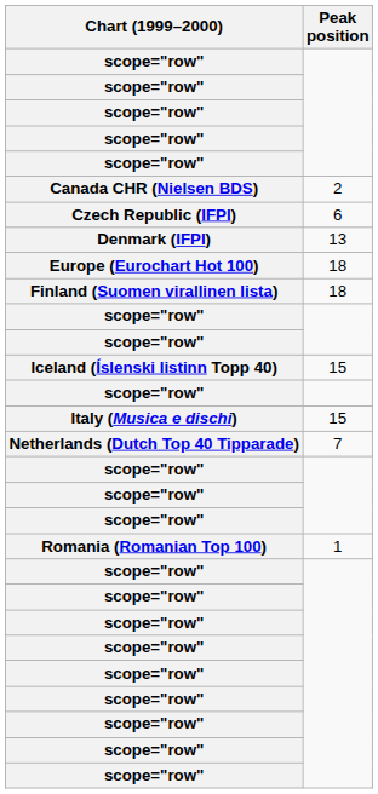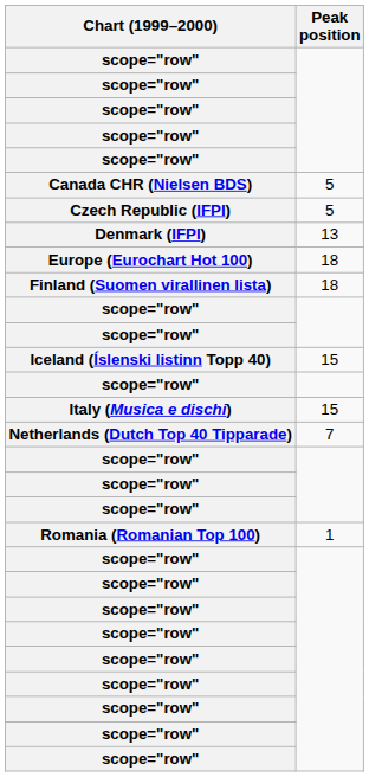 <table class="wikitable sortable plainrowheaders" style="text-align:center">
 <tr>
 <th>Chart (1999–2000)</th>
 <th>Peak<br>position</th>
 </tr>
 <tr>
 <th>scope="row"</th>
 </tr>
 <tr>
 <th>scope="row"</th>
 </tr>
 <tr>
 <th>scope="row"</th>
 </tr>
 <tr>
 <th>scope="row"</th>
 </tr>
 <tr>
 <th>scope="row"</th>
 </tr>
 <tr>
 <th scope="row">Canada CHR (<a href='#'>Nielsen BDS</a>)</th>
-<td>2</td>
+<td>5</td>
 </tr>
 <tr>
 <th scope="row">Czech Republic (<a href='#'>IFPI</a>)</th>
-<td>6</td>
+<td>5</td>
 </tr>
 <tr>
 <th scope="row">Denmark (<a href='#'>IFPI</a>)</th>
 <td>13</td>
 </tr>
 <tr>
 <th scope="row">Europe (<a href='#'>Eurochart Hot 100</a>)</th>
 <td>18</td>
 </tr>
 <tr>
 <th scope="row">Finland (<a href='#'>Suomen virallinen lista</a>)</th>
 <td>18</td>
 </tr>
 <tr>
 <th>scope="row"</th>
 </tr>
 <tr>
 <th>scope="row"</th>
 </tr>
 <tr>
 <th scope="row">Iceland (<a href='#'>Íslenski listinn</a> Topp 40)</th>
 <td>15</td>
 </tr>
 <tr>
 <th>scope="row"</th>
 </tr>
 <tr>
 <th scope="row">Italy (<em><a href='#'>Musica e dischi</a></em>)</th>
 <td>15</td>
 </tr>
 <tr>
 <th scope="row">Netherlands (<a href='#'>Dutch Top 40 Tipparade</a>)</th>
 <td>7</td>
 </tr>
 <tr>
 <th>scope="row"</th>
 </tr>
 <tr>
 <th>scope="row"</th>
 </tr>
 <tr>
 <th>scope="row"</th>
 </tr>
 <tr>
 <th scope="row">Romania (<a href='#'>Romanian Top 100</a>)</th>
 <td>1</td>
 </tr>
 <tr>
 <th>scope="row"</th>
 </tr>
 <tr>
 <th>scope="row"</th>
 </tr>
 <tr>
 <th>scope="row"</th>
 </tr>
 <tr>
 <th>scope="row"</th>
 </tr>
 <tr>
 <th>scope="row"</th>
 </tr>
 <tr>
 <th>scope="row"</th>
 </tr>
 <tr>
 <th>scope="row"</th>
 </tr>
 <tr>
 <th>scope="row"</th>
 </tr>
 <tr>
 <th>scope="row"</th>
 </tr>
 </table>
